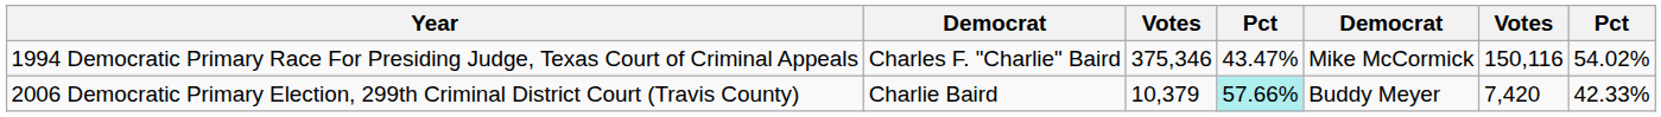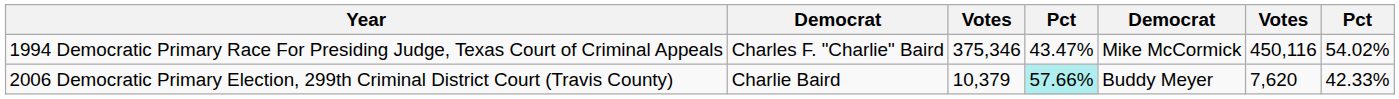 <table class="wikitable" style="margin:0.5em ; font-size:95%">
 <tr>
 <th>Year</th>
 <th>Democrat</th>
 <th>Votes</th>
 <th>Pct</th>
 <th>Democrat</th>
 <th>Votes</th>
 <th>Pct</th>
 </tr>
 <tr>
 <td>1994 Democratic Primary Race For Presiding Judge, Texas Court of Criminal Appeals</td>
 <td>Charles F. "Charlie" Baird</td>
 <td align="right">375,346</td>
 <td>43.47%</td>
 <td>Mike McCormick</td>
-<td>150,116</td>
+<td>450,116</td>
 <td>54.02%</td>
 </tr>
 <tr>
 <td>2006 Democratic Primary Election, 299th Criminal District Court (Travis County)</td>
 <td>Charlie Baird</td>
 <td>10,379</td>
 <td style="background: paleturquoise;">57.66%</td>
 <td>Buddy Meyer</td>
-<td>7,420</td>
+<td>7,620</td>
 <td>42.33%</td>
 </tr>
 </table>
